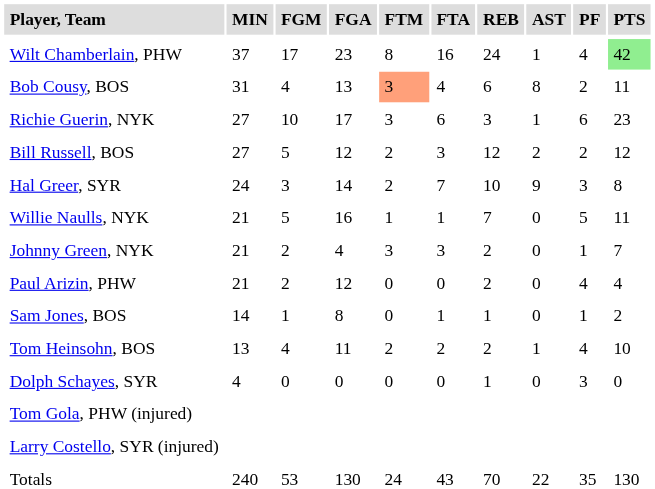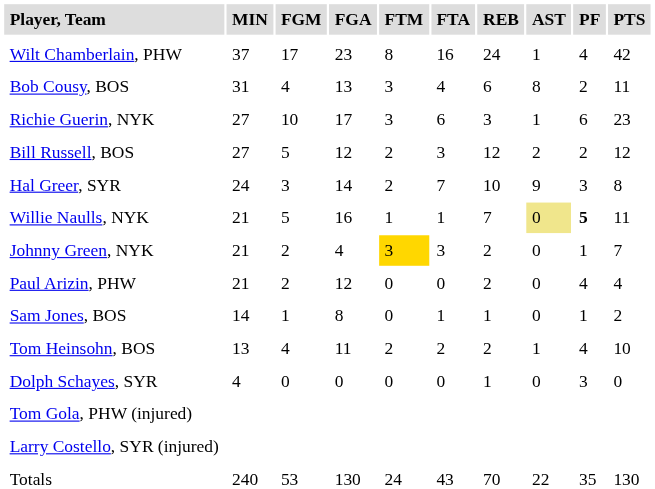 <table cellpadding=5>
 <tr bgcolor="#dddddd">
 <td><strong>Player, Team</strong></td>
 <td><strong>MIN</strong></td>
 <td><strong>FGM</strong></td>
 <td><strong>FGA</strong></td>
 <td><strong>FTM</strong></td>
 <td><strong>FTA</strong></td>
 <td><strong>REB</strong></td>
 <td><strong>AST</strong></td>
 <td><strong>PF</strong></td>
 <td><strong>PTS</strong></td>
 </tr>
 <tr bgcolor="#eeeeee">
 </tr>
 <tr>
 <td><a href='#'>Wilt Chamberlain</a>, PHW</td>
 <td>37</td>
 <td>17</td>
 <td>23</td>
 <td>8</td>
 <td>16</td>
 <td>24</td>
 <td>1</td>
 <td>4</td>
-<td style="background: lightgreen;">42</td>
+<td>42</td>
 </tr>
 <tr>
 <td><a href='#'>Bob Cousy</a>, BOS</td>
 <td>31</td>
 <td>4</td>
 <td>13</td>
-<td style="background: lightsalmon;">3</td>
+<td>3</td>
 <td>4</td>
 <td>6</td>
 <td>8</td>
 <td>2</td>
 <td>11</td>
 </tr>
 <tr>
 <td><a href='#'>Richie Guerin</a>, NYK</td>
 <td>27</td>
 <td>10</td>
 <td>17</td>
 <td>3</td>
 <td>6</td>
 <td>3</td>
 <td>1</td>
 <td>6</td>
 <td>23</td>
 </tr>
 <tr>
 <td><a href='#'>Bill Russell</a>, BOS</td>
 <td>27</td>
 <td>5</td>
 <td>12</td>
 <td>2</td>
 <td>3</td>
 <td>12</td>
 <td>2</td>
 <td>2</td>
 <td>12</td>
 </tr>
 <tr>
 <td><a href='#'>Hal Greer</a>, SYR</td>
 <td>24</td>
 <td>3</td>
 <td>14</td>
 <td>2</td>
 <td>7</td>
 <td>10</td>
 <td>9</td>
 <td>3</td>
 <td>8</td>
 </tr>
 <tr>
 <td><a href='#'>Willie Naulls</a>, NYK</td>
 <td>21</td>
 <td>5</td>
 <td>16</td>
 <td>1</td>
 <td>1</td>
 <td>7</td>
-<td>0</td>
-<td>5</td>
+<td style="background: khaki;">0</td>
+<td><strong>5</strong></td>
 <td>11</td>
 </tr>
 <tr>
 <td><a href='#'>Johnny Green</a>, NYK</td>
 <td>21</td>
 <td>2</td>
 <td>4</td>
-<td>3</td>
+<td style="background: gold;">3</td>
 <td>3</td>
 <td>2</td>
 <td>0</td>
 <td>1</td>
 <td>7</td>
 </tr>
 <tr>
 <td><a href='#'>Paul Arizin</a>, PHW</td>
 <td>21</td>
 <td>2</td>
 <td>12</td>
 <td>0</td>
 <td>0</td>
 <td>2</td>
 <td>0</td>
 <td>4</td>
 <td>4</td>
 </tr>
 <tr>
 <td><a href='#'>Sam Jones</a>, BOS</td>
 <td>14</td>
 <td>1</td>
 <td>8</td>
 <td>0</td>
 <td>1</td>
 <td>1</td>
 <td>0</td>
 <td>1</td>
 <td>2</td>
 </tr>
 <tr>
 <td><a href='#'>Tom Heinsohn</a>, BOS</td>
 <td>13</td>
 <td>4</td>
 <td>11</td>
 <td>2</td>
 <td>2</td>
 <td>2</td>
 <td>1</td>
 <td>4</td>
 <td>10</td>
 </tr>
 <tr>
 <td><a href='#'>Dolph Schayes</a>, SYR</td>
 <td>4</td>
 <td>0</td>
 <td>0</td>
 <td>0</td>
 <td>0</td>
 <td>1</td>
 <td>0</td>
 <td>3</td>
 <td>0</td>
 </tr>
 <tr>
 <td><a href='#'>Tom Gola</a>, PHW (injured)</td>
 </tr>
 <tr>
 <td><a href='#'>Larry Costello</a>, SYR (injured)</td>
 </tr>
 <tr>
 <td>Totals</td>
 <td>240</td>
 <td>53</td>
 <td>130</td>
 <td>24</td>
 <td>43</td>
 <td>70</td>
 <td>22</td>
 <td>35</td>
 <td>130</td>
 </tr>
 <tr>
 </tr>
 </table>
